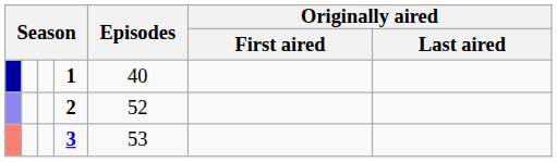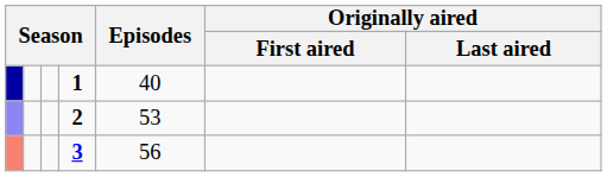 <table class="wikitable plainrowheaders" style="text-align:center;">
 <tr>
 <th colspan="4" rowspan="2" style="padding:0 9px;">Season</th>
 <th style="padding:0 9px;" rowspan="2">Episodes</th>
 <th style="padding:0 90px;" colspan="2">Originally aired</th>
 </tr>
 <tr>
 <th>First aired</th>
 <th>Last aired</th>
 </tr>
 <tr>
 <td scope="row" style="background:#0000A0; color:#120;"></td>
 <td></td>
 <td></td>
 <td><strong>1</strong></td>
 <td>40</td>
 <td></td>
 <td></td>
 </tr>
 <tr>
 <td scope="row" style="background:#8d85f2; color:#100;"></td>
 <td></td>
 <td></td>
 <td><strong>2</strong></td>
-<td>52</td>
+<td>53</td>
 <td></td>
 <td></td>
 </tr>
 <tr>
 <td style="background: #FA8072"></td>
 <td></td>
 <td></td>
 <td><strong><a href='#'>3</a></strong></td>
-<td>53</td>
+<td>56</td>
 <td></td>
 <td></td>
 </tr>
 </table>
